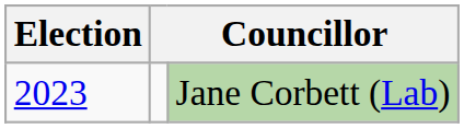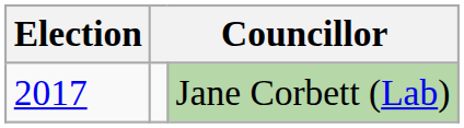 <table class="wikitable">
 <tr>
 <th>Election</th>
 <th colspan="2">Councillor</th>
 </tr>
 <tr>
-<td><a href='#'>2023</a></td>
+<td><a href='#'>2017</a></td>
 <td style="background-color: "></td>
 <td bgcolor="#B6D7A8">Jane Corbett (<a href='#'>Lab</a>)</td>
 </tr>
 </table>
